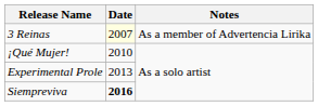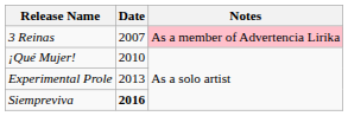 <table class="wikitable">
 <tr>
 <th>Release Name</th>
 <th>Date</th>
 <th>Notes</th>
 </tr>
 <tr>
 <td><em>3 Reinas</em></td>
-<td style="background: lightyellow;">2007</td>
-<td>As a member of Advertencia Lirika</td>
+<td>2007</td>
+<td style="background: pink;">As a member of Advertencia Lirika</td>
 </tr>
 <tr>
 <td><em>¡Qué Mujer!</em></td>
 <td>2010</td>
 <td rowspan=3>As a solo artist</td>
 </tr>
 <tr>
 <td><em>Experimental Prole</em></td>
 <td>2013</td>
 </tr>
 <tr>
 <td><em>Siempreviva</em></td>
 <td><strong>2016</strong></td>
 </tr>
 </table>
